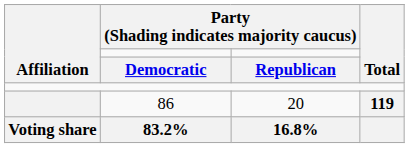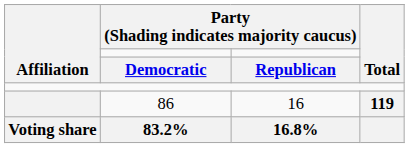 <table class=wikitable style="text-align:center">
 <tr style="vertical-align:bottom;">
 <th rowspan=3>Affiliation</th>
 <th colspan=2>Party <div>(Shading indicates majority caucus)</div></th>
 <th rowspan=3>Total</th>
 </tr>
 <tr style="height:5px">
 <td style="background-color:"></td>
 <td style="background-color:"></td>
 </tr>
 <tr>
 <th><a href='#'>Democratic</a></th>
 <th><a href='#'>Republican</a></th>
 </tr>
 <tr>
 <td colspan=5></td>
 </tr>
 <tr>
 <th nowrap style="font-size:80%"></th>
 <td>86</td>
-<td>20</td>
+<td>16</td>
 <th>119</th>
 </tr>
 <tr>
 <th>Voting share</th>
 <th>83.2%</th>
 <th>16.8%</th>
 <th colspan=2></th>
 </tr>
 </table>
